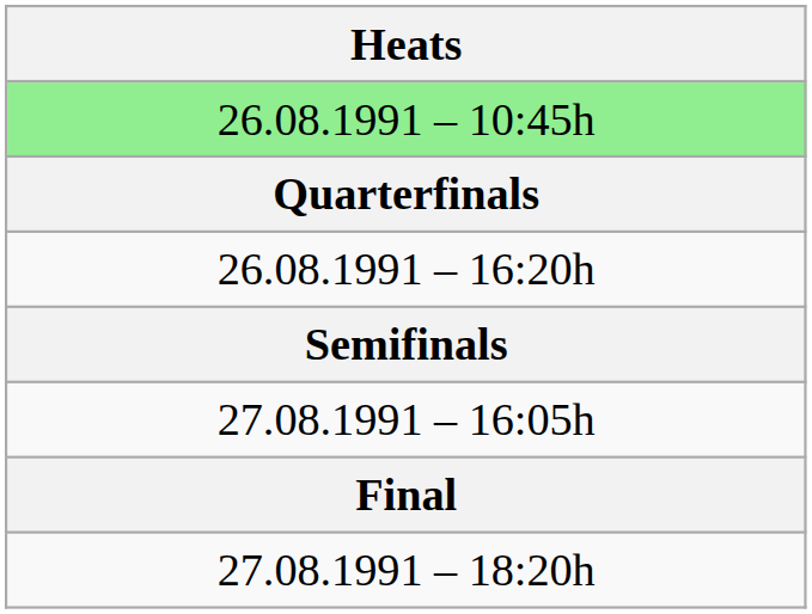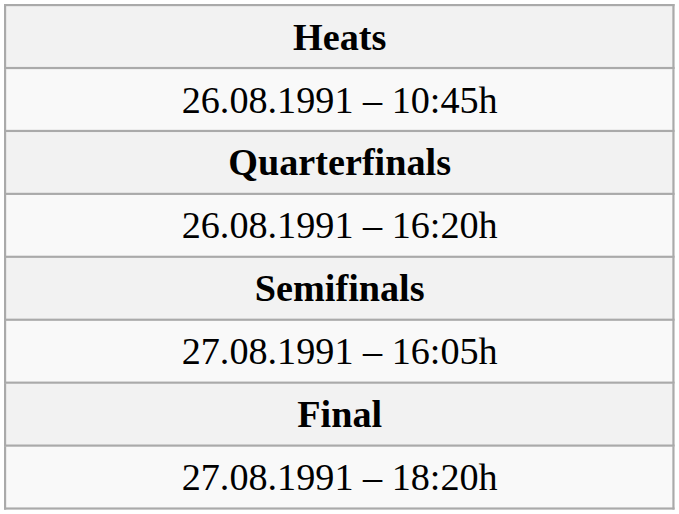 <table class="wikitable" style=" text-align:center; font-size:110%;" width="35%">
 <tr>
 <th>Heats</th>
 </tr>
 <tr>
-<td style="background: lightgreen;">26.08.1991 – 10:45h</td>
+<td>26.08.1991 – 10:45h</td>
 </tr>
 <tr>
 <th>Quarterfinals</th>
 </tr>
 <tr>
 <td>26.08.1991 – 16:20h</td>
 </tr>
 <tr>
 <th>Semifinals</th>
 </tr>
 <tr>
 <td>27.08.1991 – 16:05h</td>
 </tr>
 <tr>
 <th>Final</th>
 </tr>
 <tr>
 <td>27.08.1991 – 18:20h</td>
 </tr>
 </table>
